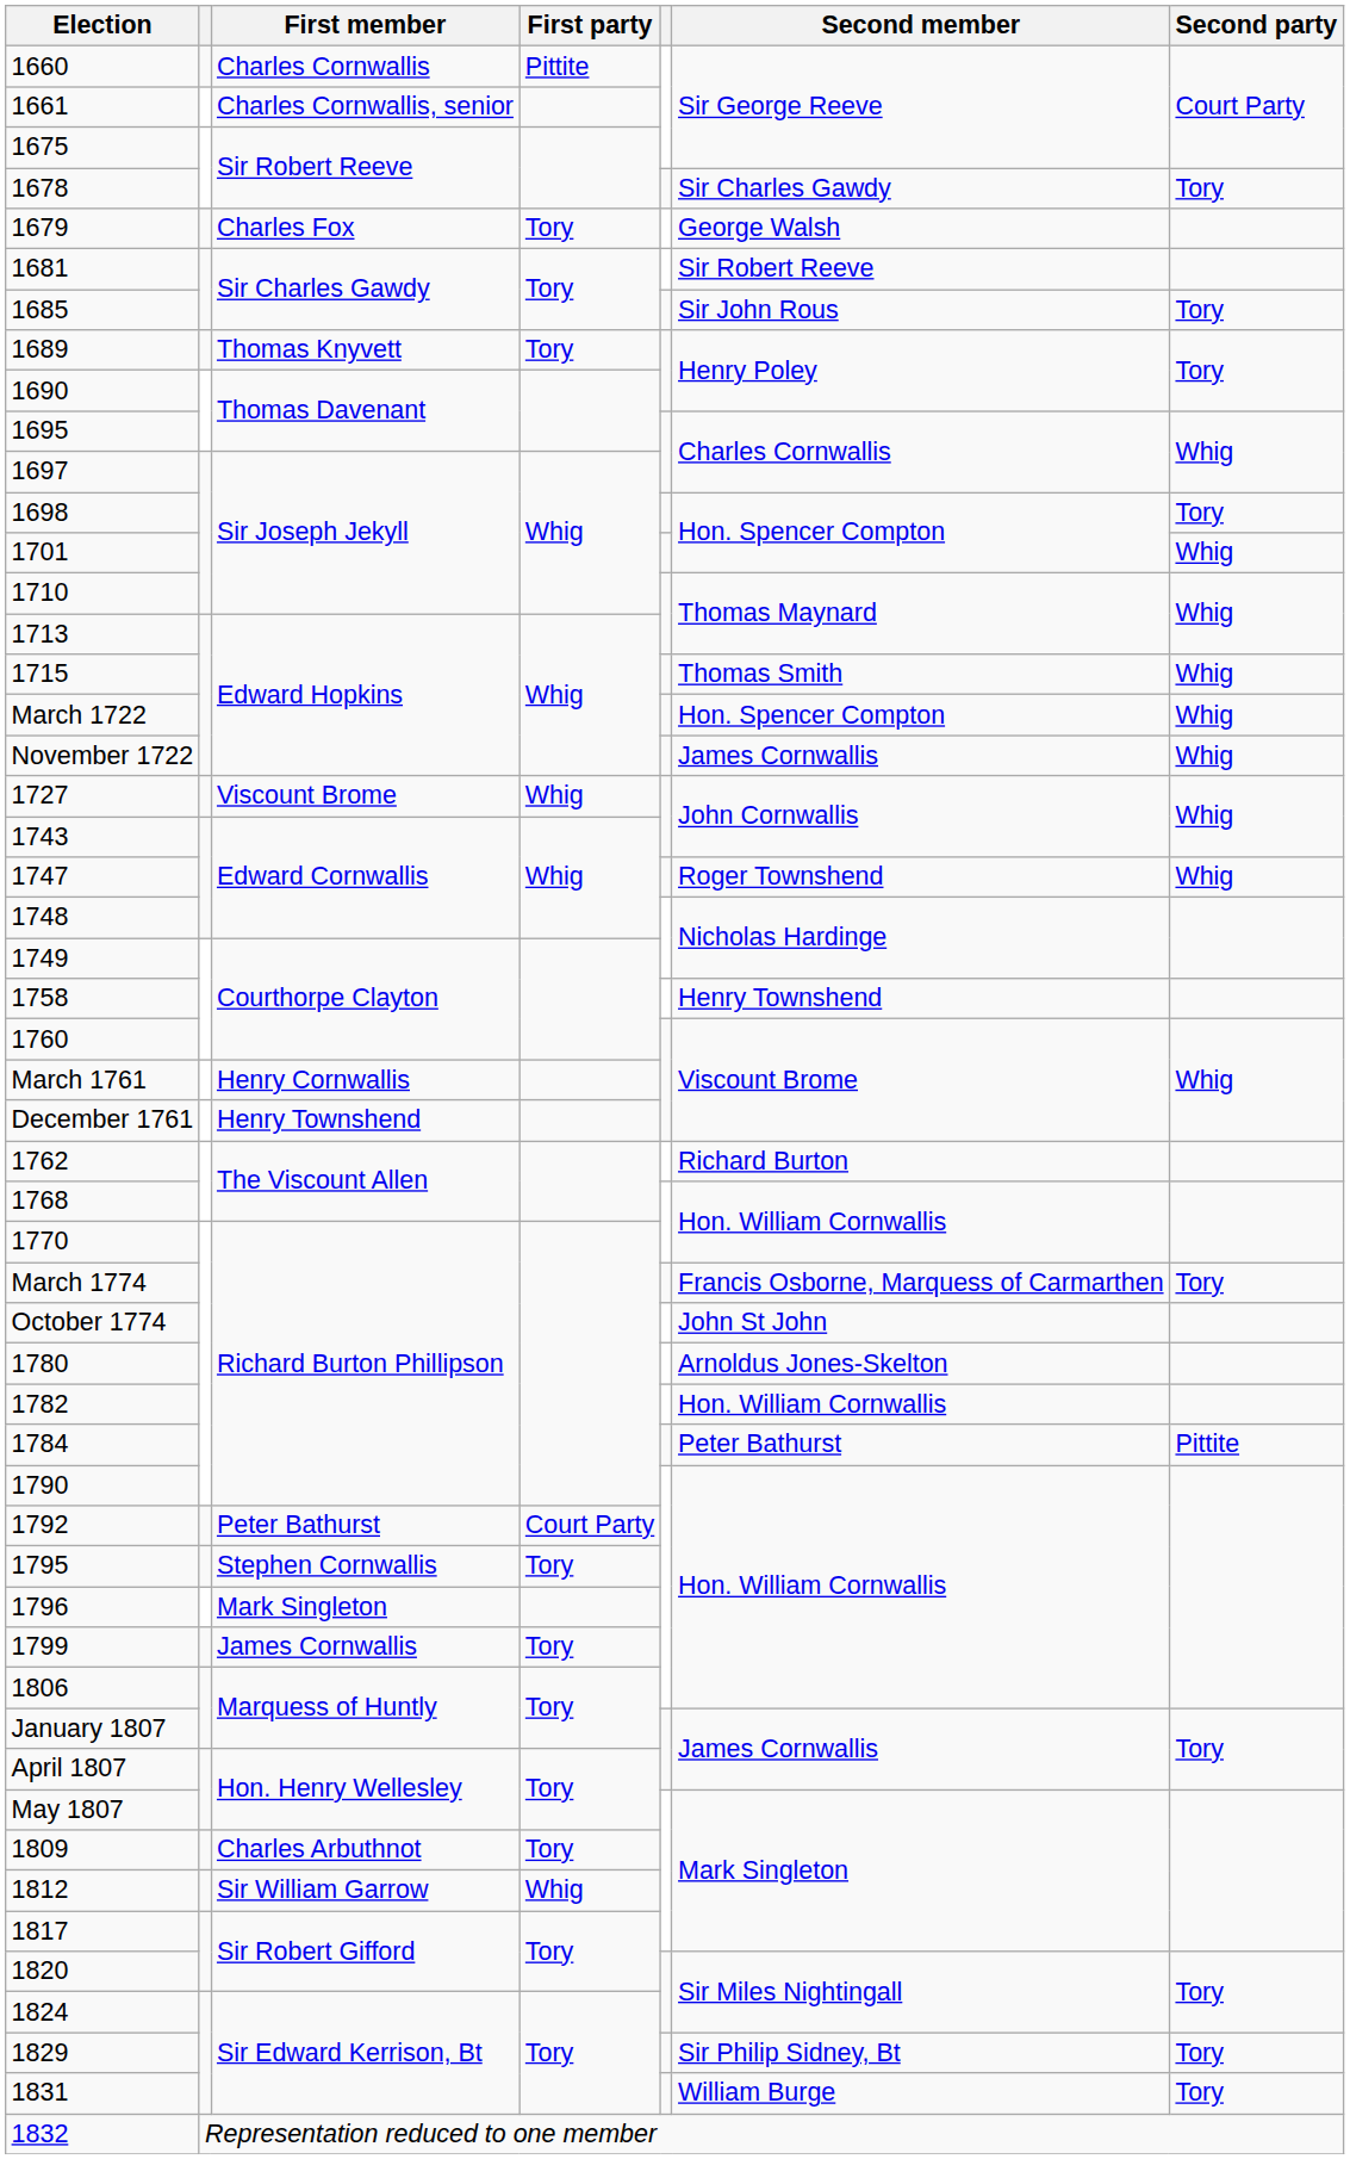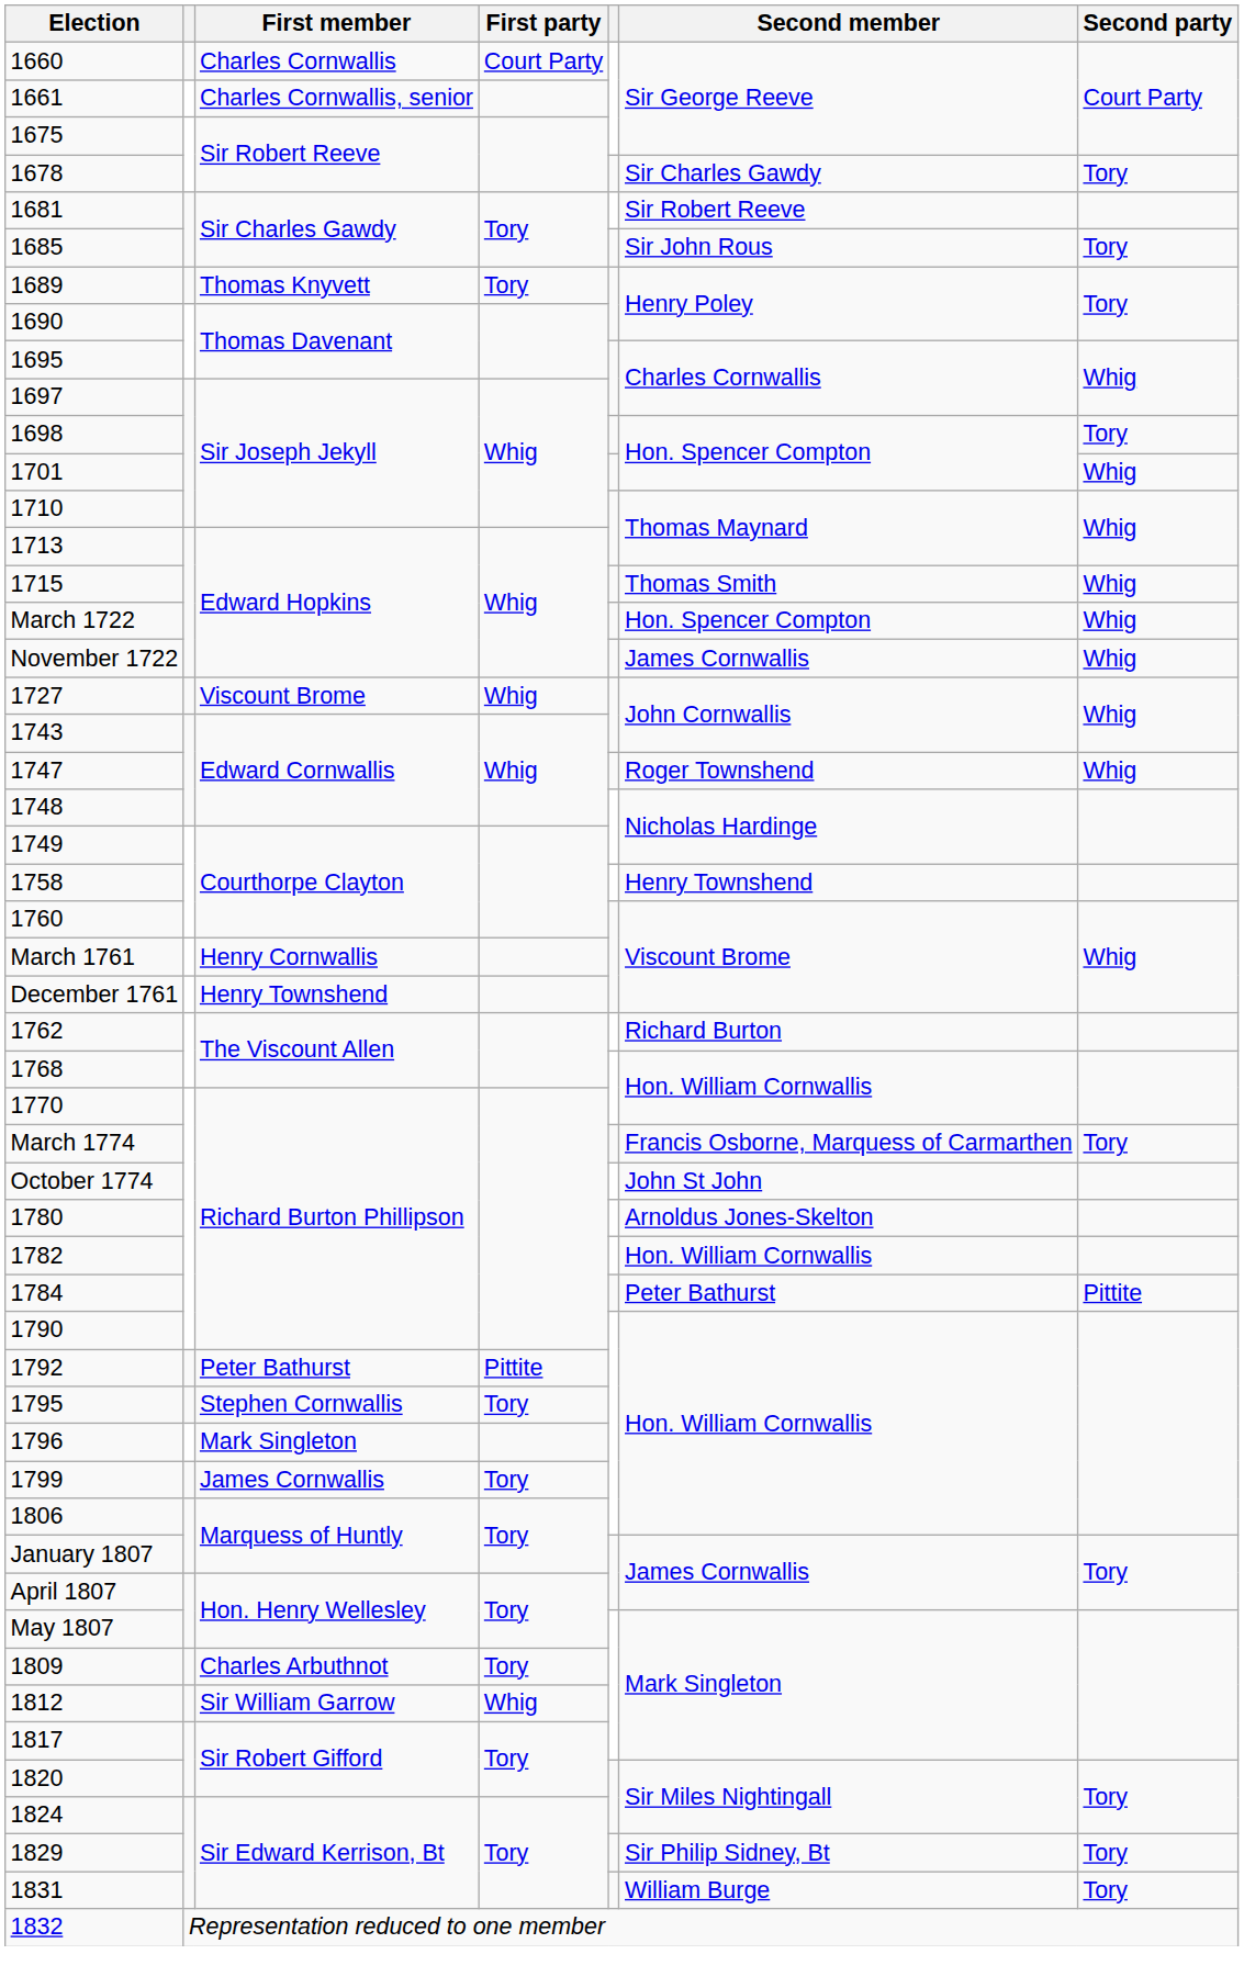 <table class="wikitable">
 <tr>
 <th>Election</th>
 <th></th>
 <th>First member </th>
 <th>First party</th>
 <th></th>
 <th>Second member </th>
 <th>Second party</th>
 </tr>
 <tr>
 <td>1660</td>
 <td style="color:inherit;background-color: "></td>
 <td><a href='#'>Charles Cornwallis</a></td>
-<td> <a href='#'>Pittite</a></td>
+<td> <a href='#'>Court Party</a></td>
 <td rowspan="3" style="color:inherit;background-color: white"></td>
 <td rowspan="3"><a href='#'>Sir George Reeve</a></td>
 <td rowspan="3"> <a href='#'>Court Party</a></td>
 </tr>
 <tr>
 <td>1661</td>
 <td style="color:inherit;background-color: white"></td>
 <td><a href='#'>Charles Cornwallis, senior</a></td>
 <td></td>
 </tr>
 <tr>
 <td>1675</td>
 <td rowspan="2" style="color:inherit;background-color: white"></td>
 <td rowspan="2"><a href='#'>Sir Robert Reeve</a></td>
 <td rowspan="2"></td>
 </tr>
 <tr>
 <td>1678</td>
 <td style="color:inherit;background-color: "></td>
 <td><a href='#'>Sir Charles Gawdy</a></td>
 <td><a href='#'>Tory</a></td>
-</tr>
-<tr>
-<td>1679</td>
-<td style="color:inherit;background-color: "></td>
-<td><a href='#'>Charles Fox</a></td>
-<td> <a href='#'>Tory</a></td>
-<td style="color:inherit;background-color: white"></td>
-<td><a href='#'>George Walsh</a></td>
-<td></td>
 </tr>
 <tr>
 <td>1681</td>
 <td rowspan="2" style="color:inherit;background-color: "></td>
 <td rowspan="2"><a href='#'>Sir Charles Gawdy</a></td>
 <td rowspan="2"><a href='#'>Tory</a></td>
 <td style="color:inherit;background-color: white"></td>
 <td><a href='#'>Sir Robert Reeve</a></td>
 <td></td>
 </tr>
 <tr>
 <td>1685</td>
 <td style="color:inherit;background-color:  "></td>
 <td><a href='#'>Sir John Rous</a></td>
 <td><a href='#'>Tory</a></td>
 </tr>
 <tr>
 <td>1689</td>
 <td style="color:inherit;background-color: "></td>
 <td><a href='#'>Thomas Knyvett</a></td>
 <td><a href='#'>Tory</a></td>
 <td rowspan="2" style="color:inherit;background-color: "></td>
 <td rowspan="2"><a href='#'>Henry Poley</a></td>
 <td rowspan="2"><a href='#'>Tory</a></td>
 </tr>
 <tr>
 <td>1690</td>
 <td rowspan="2" style="color:inherit;background-color: white"></td>
 <td rowspan="2"><a href='#'>Thomas Davenant</a></td>
 <td rowspan="2"></td>
 </tr>
 <tr>
 <td>1695</td>
 <td rowspan="2" style="color:inherit;background-color: "></td>
 <td rowspan="2"><a href='#'>Charles Cornwallis</a></td>
 <td rowspan="2"><a href='#'>Whig</a></td>
 </tr>
 <tr>
 <td>1697</td>
 <td rowspan="4" style="color:inherit;background-color: "></td>
 <td rowspan="4"><a href='#'>Sir Joseph Jekyll</a></td>
 <td rowspan="4"><a href='#'>Whig</a></td>
 </tr>
 <tr>
 <td>1698</td>
 <td style="color:inherit;background-color: "></td>
 <td rowspan="2"><a href='#'>Hon. Spencer Compton</a></td>
 <td><a href='#'>Tory</a></td>
 </tr>
 <tr>
 <td>1701</td>
 <td style="color:inherit;background-color: "></td>
 <td><a href='#'>Whig</a></td>
 </tr>
 <tr>
 <td>1710</td>
 <td rowspan="2" style="color:inherit;background-color: "></td>
 <td rowspan="2"><a href='#'>Thomas Maynard</a></td>
 <td rowspan="2"> <a href='#'>Whig</a></td>
 </tr>
 <tr>
 <td>1713</td>
 <td rowspan="4" style="color:inherit;background-color: "></td>
 <td rowspan="4"><a href='#'>Edward Hopkins</a></td>
 <td rowspan="4"> <a href='#'>Whig</a></td>
 </tr>
 <tr>
 <td>1715</td>
 <td style="color:inherit;background-color: "></td>
 <td><a href='#'>Thomas Smith</a></td>
 <td> <a href='#'>Whig</a></td>
 </tr>
 <tr>
 <td>March 1722</td>
 <td style="color:inherit;background-color: "></td>
 <td><a href='#'>Hon. Spencer Compton</a></td>
 <td><a href='#'>Whig</a></td>
 </tr>
 <tr>
 <td>November 1722</td>
 <td style="color:inherit;background-color: "></td>
 <td><a href='#'>James Cornwallis</a></td>
 <td> <a href='#'>Whig</a></td>
 </tr>
 <tr>
 <td>1727</td>
 <td style="color:inherit;background-color: "></td>
 <td><a href='#'>Viscount Brome</a></td>
 <td> <a href='#'>Whig</a></td>
 <td rowspan="2" style="color:inherit;background-color: "></td>
 <td rowspan="2"><a href='#'>John Cornwallis</a></td>
 <td rowspan="2"> <a href='#'>Whig</a></td>
 </tr>
 <tr>
 <td>1743</td>
 <td rowspan="3" style="color:inherit;background-color: "></td>
 <td rowspan="3"><a href='#'>Edward Cornwallis</a></td>
 <td rowspan="3"> <a href='#'>Whig</a></td>
 </tr>
 <tr>
 <td>1747</td>
 <td style="color:inherit;background-color: "></td>
 <td><a href='#'>Roger Townshend</a></td>
 <td> <a href='#'>Whig</a></td>
 </tr>
 <tr>
 <td>1748</td>
 <td rowspan="2" style="color:inherit;background-color: white"></td>
 <td rowspan="2"><a href='#'>Nicholas Hardinge</a></td>
 <td rowspan="2"></td>
 </tr>
 <tr>
 <td>1749</td>
 <td rowspan="3" style="color:inherit;background-color: white"></td>
 <td rowspan="3"><a href='#'>Courthorpe Clayton</a></td>
 <td rowspan="3"></td>
 </tr>
 <tr>
 <td>1758</td>
 <td style="color:inherit;background-color: white"></td>
 <td><a href='#'>Henry Townshend</a></td>
 <td></td>
 </tr>
 <tr>
 <td>1760</td>
 <td rowspan="3" style="color:inherit;background-color: "></td>
 <td rowspan="3"><a href='#'>Viscount Brome</a></td>
 <td rowspan="3"><a href='#'>Whig</a></td>
 </tr>
 <tr>
 <td>March 1761</td>
 <td style="color:inherit;background-color: white"></td>
 <td><a href='#'>Henry Cornwallis</a></td>
 <td></td>
 </tr>
 <tr>
 <td>December 1761</td>
 <td style="color:inherit;background-color: white"></td>
 <td><a href='#'>Henry Townshend</a></td>
 <td></td>
 </tr>
 <tr>
 <td>1762</td>
 <td rowspan="2" style="color:inherit;background-color: white"></td>
 <td rowspan="2"><a href='#'>The Viscount Allen</a></td>
 <td rowspan="2"></td>
 <td style="color:inherit;background-color: white"></td>
 <td><a href='#'>Richard Burton</a></td>
 <td></td>
 </tr>
 <tr>
 <td>1768</td>
 <td rowspan="2" style="color:inherit;background-color: white"></td>
 <td rowspan="2"><a href='#'>Hon. William Cornwallis</a></td>
 <td rowspan="2"></td>
 </tr>
 <tr>
 <td>1770</td>
 <td rowspan="7" style="color:inherit;background-color: white"></td>
 <td rowspan="7"><a href='#'>Richard Burton Phillipson</a></td>
 <td rowspan="7"></td>
 </tr>
 <tr>
 <td>March 1774</td>
 <td style="color:inherit;background-color: "></td>
 <td><a href='#'>Francis Osborne, Marquess of Carmarthen</a></td>
 <td> <a href='#'>Tory</a></td>
 </tr>
 <tr>
 <td>October 1774</td>
 <td style="color:inherit;background-color: white"></td>
 <td><a href='#'>John St John</a></td>
 <td></td>
 </tr>
 <tr>
 <td>1780</td>
 <td style="color:inherit;background-color: white"></td>
 <td><a href='#'>Arnoldus Jones-Skelton</a></td>
 <td></td>
 </tr>
 <tr>
 <td>1782</td>
 <td style="color:inherit;background-color: white"></td>
 <td><a href='#'>Hon. William Cornwallis</a></td>
 <td></td>
 </tr>
 <tr>
 <td>1784</td>
 <td style="color:inherit;background-color: "></td>
 <td><a href='#'>Peter Bathurst</a></td>
 <td> <a href='#'>Pittite</a></td>
 </tr>
 <tr>
 <td>1790</td>
 <td rowspan="6" style="color:inherit;background-color: white"></td>
 <td rowspan="6"><a href='#'>Hon. William Cornwallis</a></td>
 <td rowspan="6"></td>
 </tr>
 <tr>
 <td>1792</td>
 <td style="color:inherit;background-color: "></td>
 <td><a href='#'>Peter Bathurst</a></td>
-<td> <a href='#'>Court Party</a></td>
+<td> <a href='#'>Pittite</a></td>
 </tr>
 <tr>
 <td>1795</td>
 <td style="color:inherit;background-color: "></td>
 <td><a href='#'>Stephen Cornwallis</a></td>
 <td><a href='#'>Tory</a></td>
 </tr>
 <tr>
 <td>1796</td>
 <td style="color:inherit;background-color: white"></td>
 <td><a href='#'>Mark Singleton</a></td>
 <td></td>
 </tr>
 <tr>
 <td>1799</td>
 <td style="color:inherit;background-color: "></td>
 <td><a href='#'>James Cornwallis</a></td>
 <td><a href='#'>Tory</a></td>
 </tr>
 <tr>
 <td>1806</td>
 <td rowspan="2" style="color:inherit;background-color: "></td>
 <td rowspan="2"><a href='#'>Marquess of Huntly</a></td>
 <td rowspan="2"> <a href='#'>Tory</a></td>
 </tr>
 <tr>
 <td>January 1807</td>
 <td rowspan="2" style="color:inherit;background-color: "></td>
 <td rowspan="2"><a href='#'>James Cornwallis</a></td>
 <td rowspan="2"><a href='#'>Tory</a></td>
 </tr>
 <tr>
 <td>April 1807</td>
 <td rowspan="2" style="color:inherit;background-color: "></td>
 <td rowspan="2"><a href='#'>Hon. Henry Wellesley</a></td>
 <td rowspan="2"> <a href='#'>Tory</a></td>
 </tr>
 <tr>
 <td>May 1807</td>
 <td rowspan="4" style="color:inherit;background-color: white"></td>
 <td rowspan="4"><a href='#'>Mark Singleton</a></td>
 <td rowspan="4"></td>
 </tr>
 <tr>
 <td>1809</td>
 <td style="color:inherit;background-color: "></td>
 <td><a href='#'>Charles Arbuthnot</a></td>
 <td><a href='#'>Tory</a></td>
 </tr>
 <tr>
 <td>1812</td>
 <td style="color:inherit;background-color: "></td>
 <td><a href='#'>Sir William Garrow</a></td>
 <td><a href='#'>Whig</a></td>
 </tr>
 <tr>
 <td>1817</td>
 <td rowspan="2" style="color:inherit;background-color: "></td>
 <td rowspan="2"><a href='#'>Sir Robert Gifford</a></td>
 <td rowspan="2"><a href='#'>Tory</a></td>
 </tr>
 <tr>
 <td>1820</td>
 <td rowspan="2" style="color:inherit;background-color: "></td>
 <td rowspan="2"><a href='#'>Sir Miles Nightingall</a></td>
 <td rowspan="2"><a href='#'>Tory</a></td>
 </tr>
 <tr>
 <td>1824</td>
 <td rowspan="3" style="color:inherit;background-color: "></td>
 <td rowspan="3"><a href='#'>Sir Edward Kerrison, Bt</a></td>
 <td rowspan="3"><a href='#'>Tory</a></td>
 </tr>
 <tr>
 <td>1829</td>
 <td style="color:inherit;background-color: "></td>
 <td><a href='#'>Sir Philip Sidney, Bt</a></td>
 <td><a href='#'>Tory</a></td>
 </tr>
 <tr>
 <td>1831</td>
 <td style="color:inherit;background-color: "></td>
 <td><a href='#'>William Burge</a></td>
 <td><a href='#'>Tory</a></td>
 </tr>
 <tr>
 <td><a href='#'>1832</a></td>
 <td colspan="6"><em>Representation reduced to one member</em></td>
 </tr>
 </table>
